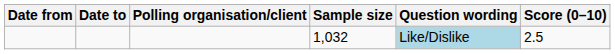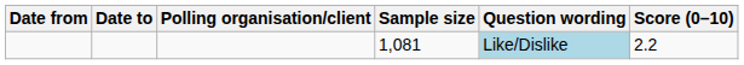 <table class="wikitable sortable">
 <tr>
 <th>Date from</th>
 <th>Date to</th>
 <th>Polling organisation/client</th>
 <th>Sample size</th>
 <th>Question wording</th>
 <th>Score (0–10)</th>
 </tr>
 <tr>
 <td></td>
 <td></td>
 <td></td>
-<td>1,032</td>
+<td>1,081</td>
 <td style="background: lightblue;">Like/Dislike</td>
-<td>2.5</td>
+<td>2.2</td>
 </tr>
 </table>
